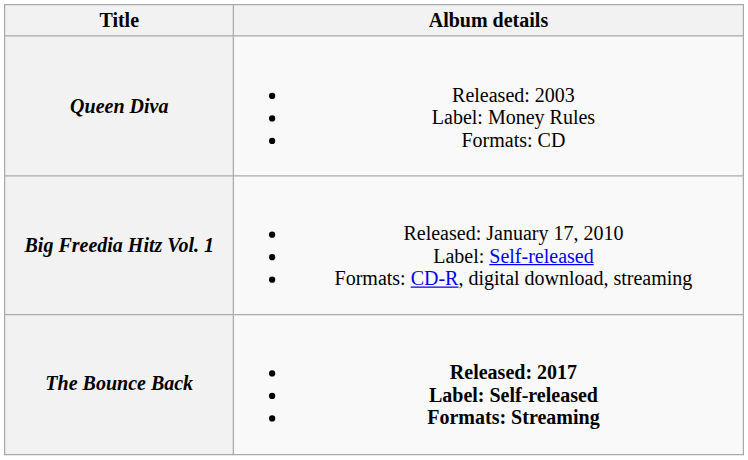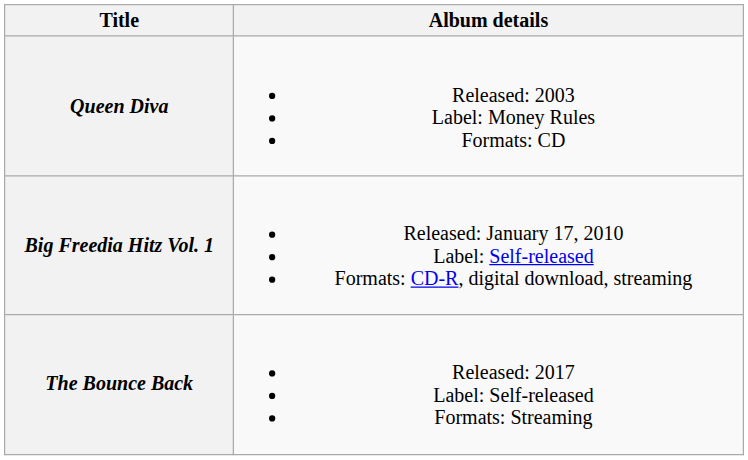 <table class="wikitable plainrowheaders" style="text-align:center;">
 <tr>
 <th scope="col" style="width:11em;">Title</th>
 <th scope="col" style="width:25em;">Album details</th>
 </tr>
 <tr>
 <th scope="row"><em>Queen Diva</em></th>
 <td><br><ul><li>Released: 2003</li><li>Label: Money Rules</li><li>Formats: CD</li></ul></td>
 </tr>
 <tr>
 <th scope="row"><em>Big Freedia Hitz Vol. 1</em></th>
 <td><br><ul><li>Released: January 17, 2010</li><li>Label: <a href='#'>Self-released</a></li><li>Formats: <a href='#'>CD-R</a>, digital download, streaming</li></ul></td>
 </tr>
 <tr>
 <th scope="row"><em>The Bounce Back</em> </th>
-<td><strong><br><ul><li>Released: 2017</li><li>Label: Self-released</li><li>Formats: Streaming</li></ul></strong></td>
+<td><br><ul><li>Released: 2017</li><li>Label: Self-released</li><li>Formats: Streaming</li></ul></td>
 </tr>
 </table>
